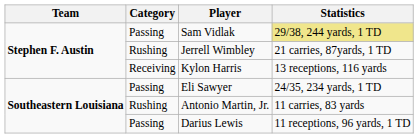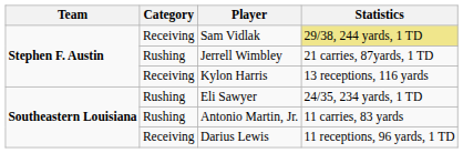 <table class="wikitable" style="float: right;">
 <tr>
 <th>Team</th>
 <th>Category</th>
 <th>Player</th>
 <th>Statistics</th>
 </tr>
 <tr>
 <td rowspan=3><strong>Stephen F. Austin</strong></td>
-<td>Passing</td>
+<td>Receiving</td>
 <td>Sam Vidlak</td>
 <td style="background: khaki;">29/38, 244 yards, 1 TD</td>
 </tr>
 <tr>
 <td>Rushing</td>
 <td>Jerrell Wimbley</td>
 <td>21 carries, 87yards, 1 TD</td>
 </tr>
 <tr>
 <td>Receiving</td>
 <td>Kylon Harris</td>
 <td>13 receptions, 116 yards</td>
 </tr>
 <tr>
 <td rowspan=3><strong>Southeastern Louisiana</strong></td>
-<td>Passing</td>
+<td>Rushing</td>
 <td>Eli Sawyer</td>
 <td>24/35, 234 yards, 1 TD</td>
 </tr>
 <tr>
 <td>Rushing</td>
 <td>Antonio Martin, Jr.</td>
 <td>11 carries, 83 yards</td>
 </tr>
 <tr>
-<td>Passing</td>
+<td>Receiving</td>
 <td>Darius Lewis</td>
 <td>11 receptions, 96 yards, 1 TD</td>
 </tr>
 </table>
